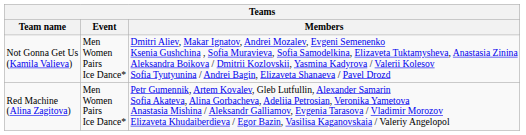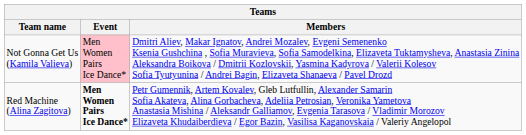 <table class="wikitable">
 <tr>
 <th colspan="6" align="center">Teams</th>
 </tr>
 <tr>
 <th>Team name</th>
 <th>Event</th>
 <th>Members</th>
 </tr>
 <tr>
 <td>Not Gonna Get Us<br>(<a href='#'>Kamila Valieva</a>)</td>
-<td>Men <br>Women <br>Pairs <br>Ice Dance*</td>
+<td style="background: pink;">Men <br>Women <br>Pairs <br>Ice Dance*</td>
 <td><a href='#'>Dmitri Aliev</a>, <a href='#'>Makar Ignatov</a>, <a href='#'>Andrei Mozalev</a>, <a href='#'>Evgeni Semenenko</a><br><a href='#'>Ksenia Gushchina</a> , <a href='#'>Sofia Muravieva</a>, <a href='#'>Sofia Samodelkina</a>, <a href='#'>Elizaveta Tuktamysheva</a>, <a href='#'>Anastasia Zinina</a> <br><a href='#'>Aleksandra Boikova</a> / <a href='#'>Dmitrii Kozlovskii</a>, <a href='#'>Yasmina Kadyrova</a> / <a href='#'>Valerii Kolesov</a><br><a href='#'>Sofia Tyutyunina</a> / <a href='#'>Andrei Bagin</a>, <a href='#'>Elizaveta Shanaeva</a> / <a href='#'>Pavel Drozd</a></td>
 </tr>
 <tr>
 <td>Red Machine<br>(<a href='#'>Alina Zagitova</a>)</td>
-<td>Men <br>Women <br>Pairs <br>Ice Dance*</td>
+<td><strong>Men <br>Women <br>Pairs <br>Ice Dance*</strong></td>
 <td><a href='#'>Petr Gumennik</a>, <a href='#'>Artem Kovalev</a>, Gleb Lutfullin, <a href='#'>Alexander Samarin</a><br><a href='#'>Sofia Akateva</a>, <a href='#'>Alina Gorbacheva</a>, <a href='#'>Adeliia Petrosian</a>, <a href='#'>Veronika Yametova</a><br><a href='#'>Anastasia Mishina</a> / <a href='#'>Aleksandr Galliamov</a>, <a href='#'>Evgenia Tarasova</a> / <a href='#'>Vladimir Morozov</a><br><a href='#'>Elizaveta Khudaiberdieva</a> / <a href='#'>Egor Bazin</a>, <a href='#'>Vasilisa Kaganovskaia</a> / Valeriy Angelopol</td>
 </tr>
 </table>
